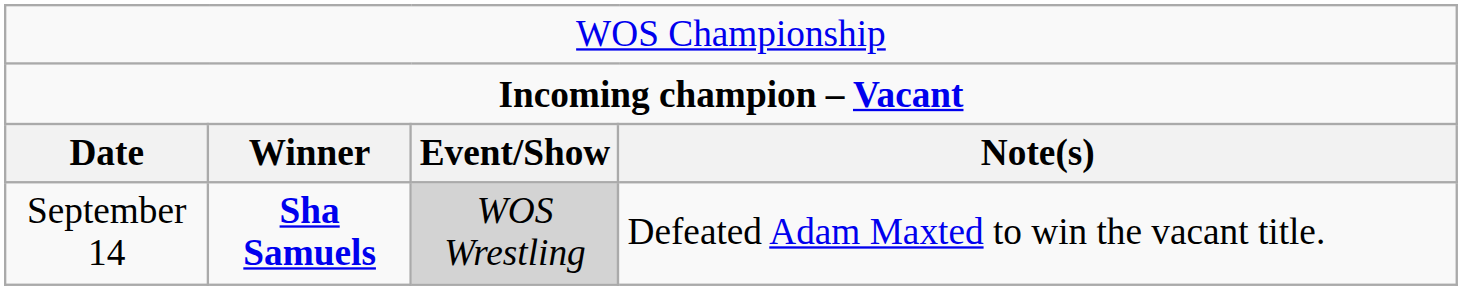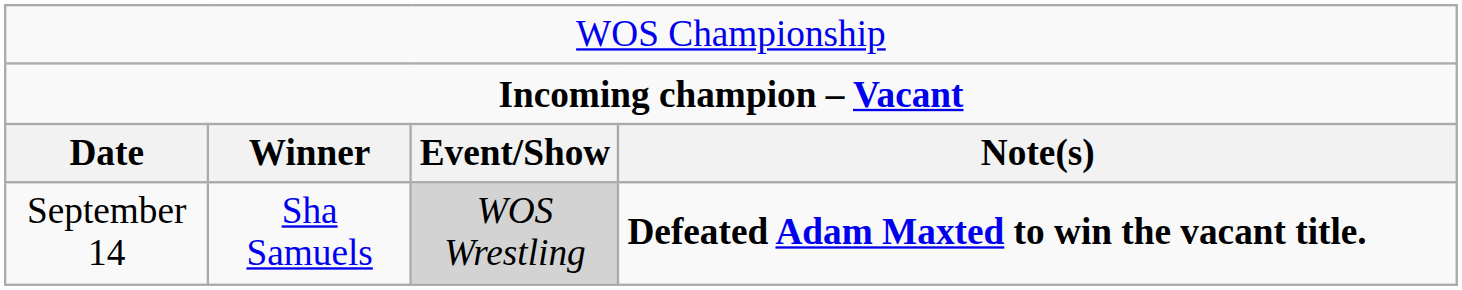 <table class="wikitable" style="text-align:center; width:100%;">
 <tr>
 <td colspan="4" style="text-align: center;"><a href='#'>WOS Championship</a></td>
 </tr>
 <tr>
 <td colspan="4" style="text-align: center;"><strong>Incoming champion – <a href='#'>Vacant</a></strong></td>
 </tr>
 <tr>
 <th width=14%>Date</th>
 <th width=14%>Winner</th>
 <th width=14%>Event/Show</th>
 <th width=58%>Note(s)</th>
 </tr>
 <tr>
 <td>September 14<br></td>
-<td><strong><a href='#'>Sha Samuels</a></strong></td>
+<td><a href='#'>Sha Samuels</a></td>
 <td style="background: lightgrey;"><em>WOS Wrestling</em></td>
-<td align=left>Defeated <a href='#'>Adam Maxted</a> to win the vacant title.</td>
+<td align=left><strong>Defeated <a href='#'>Adam Maxted</a> to win the vacant title.</strong></td>
 </tr>
 </table>
